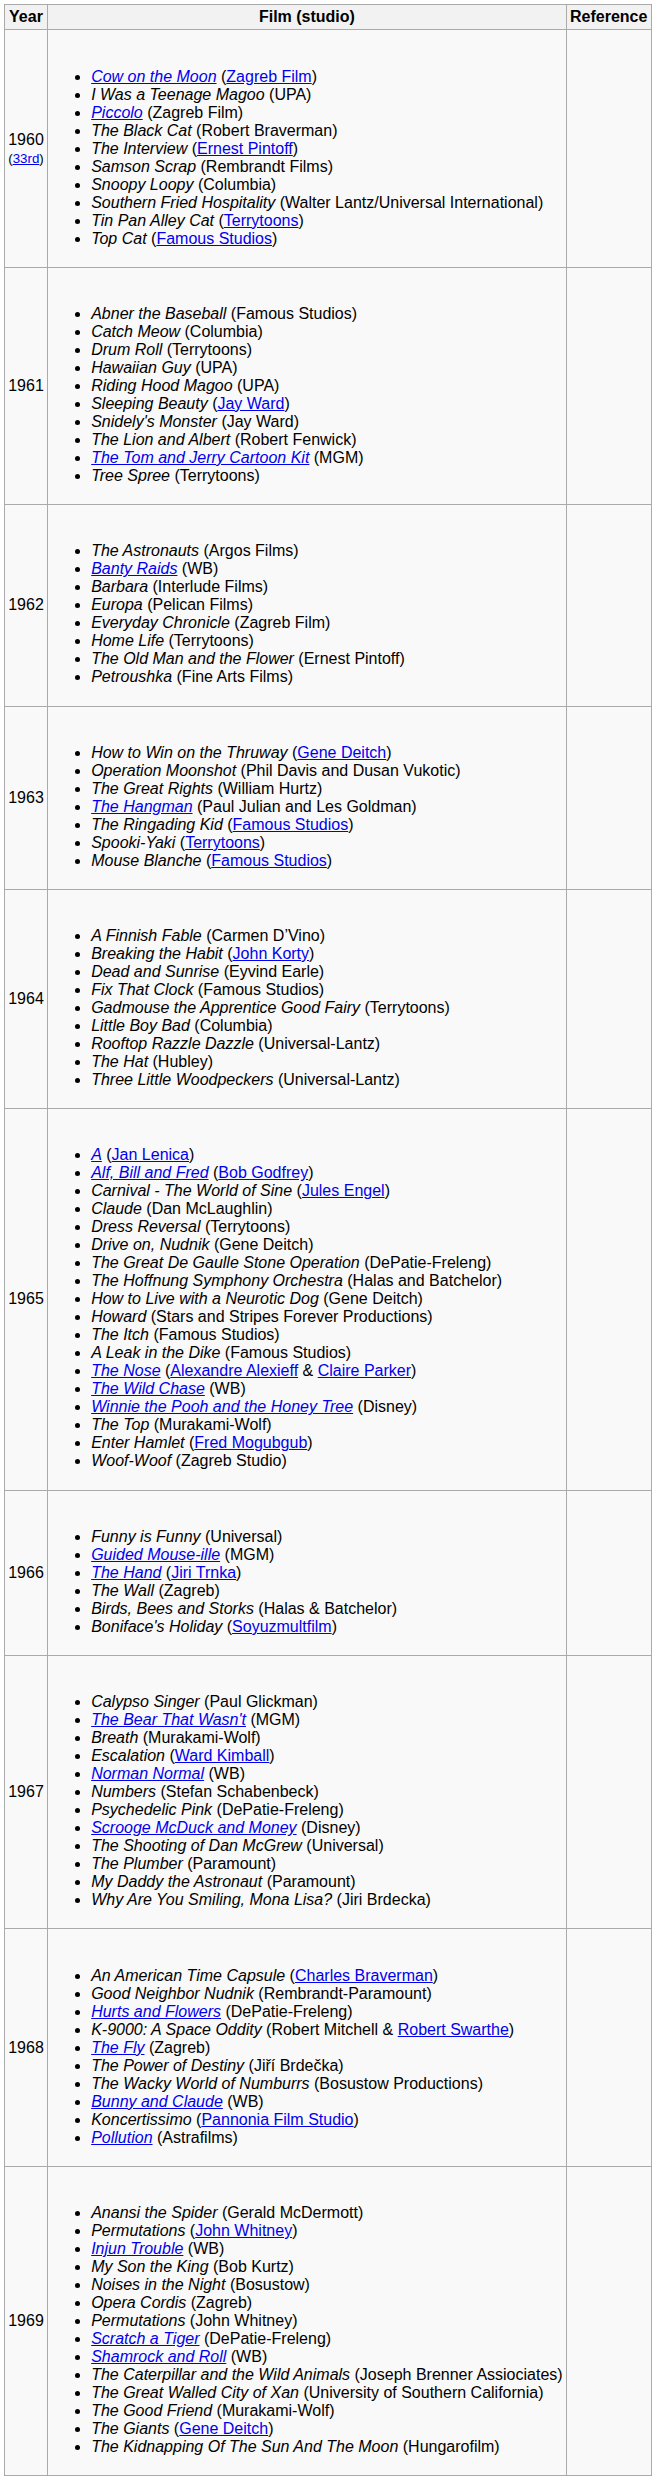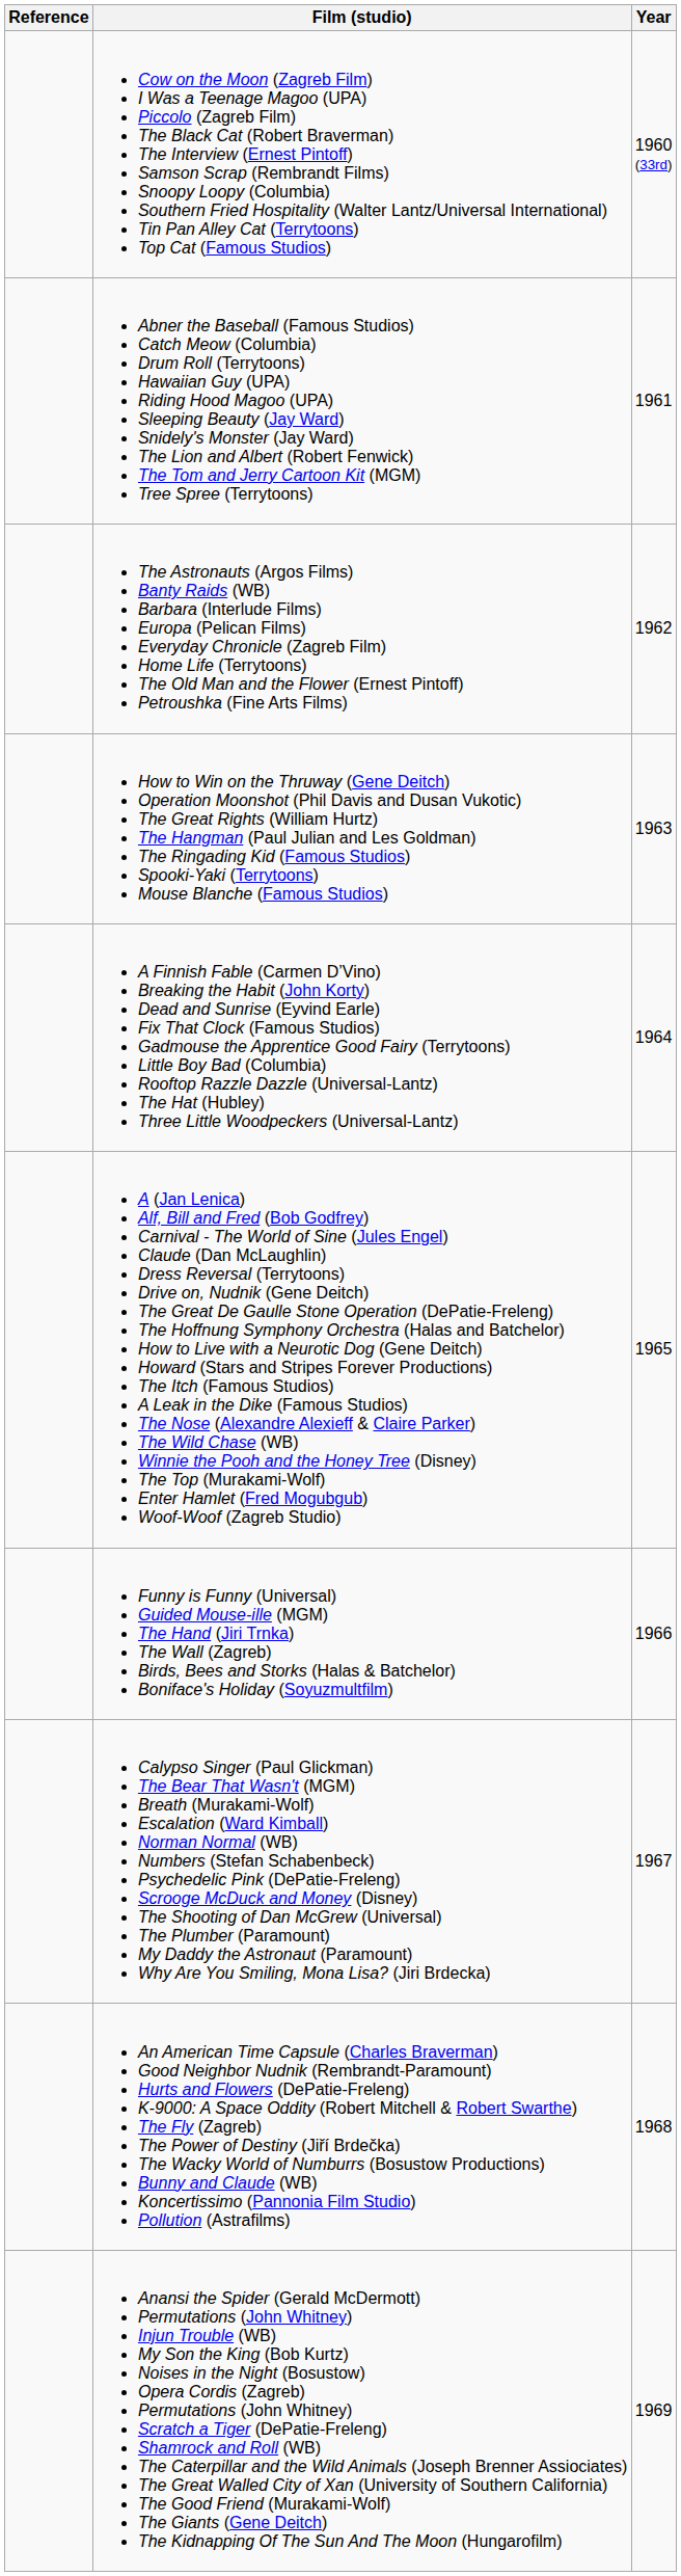 <table class="wikitable">
 <tr>
+<th>Reference</th>
+<th>Film (studio)</th>
 <th>Year</th>
-<th>Film (studio)</th>
-<th>Reference</th>
 </tr>
 <tr>
+<td></td>
+<td><br><ul><li><em><a href='#'>Cow on the Moon</a></em> (<a href='#'>Zagreb Film</a>)</li><li><em>I Was a Teenage Magoo</em> (UPA)</li><li><em><a href='#'>Piccolo</a></em> (Zagreb Film)</li><li><em>The Black Cat</em> (Robert Braverman)</li><li><em>The Interview</em> (<a href='#'>Ernest Pintoff</a>)</li><li><em>Samson Scrap</em> (Rembrandt Films)</li><li><em>Snoopy Loopy</em> (Columbia)</li><li><em>Southern Fried Hospitality</em> (Walter Lantz/Universal International)</li><li><em>Tin Pan Alley Cat</em> (<a href='#'>Terrytoons</a>)</li><li><em>Top Cat</em> (<a href='#'>Famous Studios</a>)</li></ul></td>
 <td>1960<br><small>(<a href='#'>33rd</a>)</small></td>
-<td><br><ul><li><em><a href='#'>Cow on the Moon</a></em> (<a href='#'>Zagreb Film</a>)</li><li><em>I Was a Teenage Magoo</em> (UPA)</li><li><em><a href='#'>Piccolo</a></em> (Zagreb Film)</li><li><em>The Black Cat</em> (Robert Braverman)</li><li><em>The Interview</em> (<a href='#'>Ernest Pintoff</a>)</li><li><em>Samson Scrap</em> (Rembrandt Films)</li><li><em>Snoopy Loopy</em> (Columbia)</li><li><em>Southern Fried Hospitality</em> (Walter Lantz/Universal International)</li><li><em>Tin Pan Alley Cat</em> (<a href='#'>Terrytoons</a>)</li><li><em>Top Cat</em> (<a href='#'>Famous Studios</a>)</li></ul></td>
-<td></td>
 </tr>
 <tr>
+<td></td>
+<td><br><ul><li><em>Abner the Baseball</em> (Famous Studios)</li><li><em>Catch Meow</em> (Columbia)</li><li><em>Drum Roll</em> (Terrytoons)</li><li><em>Hawaiian Guy</em> (UPA)</li><li><em>Riding Hood Magoo</em> (UPA)</li><li><em>Sleeping Beauty</em> (<a href='#'>Jay Ward</a>)</li><li><em>Snidely's Monster</em> (Jay Ward)</li><li><em>The Lion and Albert</em> (Robert Fenwick)</li><li><em><a href='#'>The Tom and Jerry Cartoon Kit</a></em> (MGM)</li><li><em>Tree Spree</em> (Terrytoons)</li></ul></td>
 <td>1961</td>
-<td><br><ul><li><em>Abner the Baseball</em> (Famous Studios)</li><li><em>Catch Meow</em> (Columbia)</li><li><em>Drum Roll</em> (Terrytoons)</li><li><em>Hawaiian Guy</em> (UPA)</li><li><em>Riding Hood Magoo</em> (UPA)</li><li><em>Sleeping Beauty</em> (<a href='#'>Jay Ward</a>)</li><li><em>Snidely's Monster</em> (Jay Ward)</li><li><em>The Lion and Albert</em> (Robert Fenwick)</li><li><em><a href='#'>The Tom and Jerry Cartoon Kit</a></em> (MGM)</li><li><em>Tree Spree</em> (Terrytoons)</li></ul></td>
-<td></td>
 </tr>
 <tr>
+<td></td>
+<td><br><ul><li><em>The Astronauts</em> (Argos Films)</li><li><em><a href='#'>Banty Raids</a></em> (WB)</li><li><em>Barbara</em> (Interlude Films)</li><li><em>Europa</em> (Pelican Films)</li><li><em>Everyday Chronicle</em> (Zagreb Film)</li><li><em>Home Life</em> (Terrytoons)</li><li><em>The Old Man and the Flower</em> (Ernest Pintoff)</li><li><em>Petroushka</em> (Fine Arts Films)</li></ul></td>
 <td>1962</td>
-<td><br><ul><li><em>The Astronauts</em> (Argos Films)</li><li><em><a href='#'>Banty Raids</a></em> (WB)</li><li><em>Barbara</em> (Interlude Films)</li><li><em>Europa</em> (Pelican Films)</li><li><em>Everyday Chronicle</em> (Zagreb Film)</li><li><em>Home Life</em> (Terrytoons)</li><li><em>The Old Man and the Flower</em> (Ernest Pintoff)</li><li><em>Petroushka</em> (Fine Arts Films)</li></ul></td>
-<td></td>
 </tr>
 <tr>
+<td></td>
+<td><br><ul><li><em>How to Win on the Thruway</em> (<a href='#'>Gene Deitch</a>)</li><li><em>Operation Moonshot</em> (Phil Davis and Dusan Vukotic)</li><li><em>The Great Rights</em> (William Hurtz)</li><li><em><a href='#'>The Hangman</a></em> (Paul Julian and Les Goldman)</li><li><em>The Ringading Kid</em> (<a href='#'>Famous Studios</a>)</li><li><em>Spooki-Yaki</em> (<a href='#'>Terrytoons</a>)</li><li><em>Mouse Blanche</em> (<a href='#'>Famous Studios</a>)</li></ul></td>
 <td>1963</td>
-<td><br><ul><li><em>How to Win on the Thruway</em> (<a href='#'>Gene Deitch</a>)</li><li><em>Operation Moonshot</em> (Phil Davis and Dusan Vukotic)</li><li><em>The Great Rights</em> (William Hurtz)</li><li><em><a href='#'>The Hangman</a></em> (Paul Julian and Les Goldman)</li><li><em>The Ringading Kid</em> (<a href='#'>Famous Studios</a>)</li><li><em>Spooki-Yaki</em> (<a href='#'>Terrytoons</a>)</li><li><em>Mouse Blanche</em> (<a href='#'>Famous Studios</a>)</li></ul></td>
-<td></td>
 </tr>
 <tr>
+<td></td>
+<td><br><ul><li><em>A Finnish Fable</em> (Carmen D’Vino)</li><li><em>Breaking the Habit</em> (<a href='#'>John Korty</a>)</li><li><em>Dead and Sunrise</em> (Eyvind Earle)</li><li><em>Fix That Clock</em> (Famous Studios)</li><li><em>Gadmouse the Apprentice Good Fairy</em> (Terrytoons)</li><li><em>Little Boy Bad</em> (Columbia)</li><li><em>Rooftop Razzle Dazzle</em> (Universal-Lantz)</li><li><em>The Hat</em> (Hubley)</li><li><em>Three Little Woodpeckers</em> (Universal-Lantz)</li></ul></td>
 <td>1964</td>
-<td><br><ul><li><em>A Finnish Fable</em> (Carmen D’Vino)</li><li><em>Breaking the Habit</em> (<a href='#'>John Korty</a>)</li><li><em>Dead and Sunrise</em> (Eyvind Earle)</li><li><em>Fix That Clock</em> (Famous Studios)</li><li><em>Gadmouse the Apprentice Good Fairy</em> (Terrytoons)</li><li><em>Little Boy Bad</em> (Columbia)</li><li><em>Rooftop Razzle Dazzle</em> (Universal-Lantz)</li><li><em>The Hat</em> (Hubley)</li><li><em>Three Little Woodpeckers</em> (Universal-Lantz)</li></ul></td>
-<td></td>
 </tr>
 <tr>
+<td></td>
+<td><br><ul><li><em><a href='#'>A</a></em> (<a href='#'>Jan Lenica</a>)</li><li><em><a href='#'>Alf, Bill and Fred</a></em> (<a href='#'>Bob Godfrey</a>)</li><li><em>Carnival - The World of Sine</em> (<a href='#'>Jules Engel</a>)</li><li><em>Claude</em> (Dan McLaughlin)</li><li><em>Dress Reversal</em> (Terrytoons)</li><li><em>Drive on, Nudnik</em> (Gene Deitch)</li><li><em>The Great De Gaulle Stone Operation</em> (DePatie-Freleng)</li><li><em>The Hoffnung Symphony Orchestra</em> (Halas and Batchelor)</li><li><em>How to Live with a Neurotic Dog</em> (Gene Deitch)</li><li><em>Howard</em> (Stars and Stripes Forever Productions)</li><li><em>The Itch</em> (Famous Studios)</li><li><em>A Leak in the Dike</em> (Famous Studios)</li><li><em><a href='#'>The Nose</a></em> (<a href='#'>Alexandre Alexieff</a> & <a href='#'>Claire Parker</a>)</li><li><em><a href='#'>The Wild Chase</a></em> (WB)</li><li><em><a href='#'>Winnie the Pooh and the Honey Tree</a></em> (Disney)</li><li><em>The Top</em> (Murakami-Wolf)</li><li><em>Enter Hamlet</em> (<a href='#'>Fred Mogubgub</a>)</li><li><em>Woof-Woof</em>  (Zagreb Studio)</li></ul></td>
 <td>1965</td>
-<td><br><ul><li><em><a href='#'>A</a></em> (<a href='#'>Jan Lenica</a>)</li><li><em><a href='#'>Alf, Bill and Fred</a></em> (<a href='#'>Bob Godfrey</a>)</li><li><em>Carnival - The World of Sine</em> (<a href='#'>Jules Engel</a>)</li><li><em>Claude</em> (Dan McLaughlin)</li><li><em>Dress Reversal</em> (Terrytoons)</li><li><em>Drive on, Nudnik</em> (Gene Deitch)</li><li><em>The Great De Gaulle Stone Operation</em> (DePatie-Freleng)</li><li><em>The Hoffnung Symphony Orchestra</em> (Halas and Batchelor)</li><li><em>How to Live with a Neurotic Dog</em> (Gene Deitch)</li><li><em>Howard</em> (Stars and Stripes Forever Productions)</li><li><em>The Itch</em> (Famous Studios)</li><li><em>A Leak in the Dike</em> (Famous Studios)</li><li><em><a href='#'>The Nose</a></em> (<a href='#'>Alexandre Alexieff</a> & <a href='#'>Claire Parker</a>)</li><li><em><a href='#'>The Wild Chase</a></em> (WB)</li><li><em><a href='#'>Winnie the Pooh and the Honey Tree</a></em> (Disney)</li><li><em>The Top</em> (Murakami-Wolf)</li><li><em>Enter Hamlet</em> (<a href='#'>Fred Mogubgub</a>)</li><li><em>Woof-Woof</em>  (Zagreb Studio)</li></ul></td>
-<td></td>
 </tr>
 <tr>
+<td></td>
+<td><br><ul><li><em>Funny is Funny</em> (Universal)</li><li><em><a href='#'>Guided Mouse-ille</a></em> (MGM)</li><li><em><a href='#'>The Hand</a></em> (<a href='#'>Jiri Trnka</a>)</li><li><em>The Wall</em> (Zagreb)</li><li><em>Birds, Bees and Storks</em> (Halas & Batchelor)</li><li><em>Boniface's Holiday</em> (<a href='#'>Soyuzmultfilm</a>)</li></ul></td>
 <td>1966</td>
-<td><br><ul><li><em>Funny is Funny</em> (Universal)</li><li><em><a href='#'>Guided Mouse-ille</a></em> (MGM)</li><li><em><a href='#'>The Hand</a></em> (<a href='#'>Jiri Trnka</a>)</li><li><em>The Wall</em> (Zagreb)</li><li><em>Birds, Bees and Storks</em> (Halas & Batchelor)</li><li><em>Boniface's Holiday</em> (<a href='#'>Soyuzmultfilm</a>)</li></ul></td>
-<td></td>
 </tr>
 <tr>
+<td></td>
+<td><br><ul><li><em>Calypso Singer</em> (Paul Glickman)</li><li><em><a href='#'>The Bear That Wasn't</a></em> (MGM)</li><li><em>Breath</em> (Murakami-Wolf)</li><li><em>Escalation</em> (<a href='#'>Ward Kimball</a>)</li><li><em><a href='#'>Norman Normal</a></em> (WB)</li><li><em>Numbers</em> (Stefan Schabenbeck)</li><li><em>Psychedelic Pink</em> (DePatie-Freleng)</li><li><em><a href='#'>Scrooge McDuck and Money</a></em> (Disney)</li><li><em>The Shooting of Dan McGrew</em> (Universal)</li><li><em>The Plumber</em> (Paramount)</li><li><em>My Daddy the Astronaut</em> (Paramount)</li><li><em>Why Are You Smiling, Mona Lisa?</em> (Jiri Brdecka)</li></ul></td>
 <td>1967</td>
-<td><br><ul><li><em>Calypso Singer</em> (Paul Glickman)</li><li><em><a href='#'>The Bear That Wasn't</a></em> (MGM)</li><li><em>Breath</em> (Murakami-Wolf)</li><li><em>Escalation</em> (<a href='#'>Ward Kimball</a>)</li><li><em><a href='#'>Norman Normal</a></em> (WB)</li><li><em>Numbers</em> (Stefan Schabenbeck)</li><li><em>Psychedelic Pink</em> (DePatie-Freleng)</li><li><em><a href='#'>Scrooge McDuck and Money</a></em> (Disney)</li><li><em>The Shooting of Dan McGrew</em> (Universal)</li><li><em>The Plumber</em> (Paramount)</li><li><em>My Daddy the Astronaut</em> (Paramount)</li><li><em>Why Are You Smiling, Mona Lisa?</em> (Jiri Brdecka)</li></ul></td>
-<td></td>
 </tr>
 <tr>
+<td></td>
+<td><br><ul><li><em>An American Time Capsule</em> (<a href='#'>Charles Braverman</a>)</li><li><em>Good Neighbor Nudnik</em> (Rembrandt-Paramount)</li><li><em><a href='#'>Hurts and Flowers</a></em>  (DePatie-Freleng)</li><li><em>K-9000: A Space Oddity</em> (Robert Mitchell & <a href='#'>Robert Swarthe</a>)</li><li><em><a href='#'>The Fly</a></em> (Zagreb)</li><li><em>The Power of Destiny</em> (Jiří Brdečka)</li><li><em>The Wacky World of Numburrs</em> (Bosustow Productions)</li><li><em><a href='#'>Bunny and Claude</a></em> (WB)</li><li><em>Koncertissimo</em> (<a href='#'>Pannonia Film Studio</a>)</li><li><em><a href='#'>Pollution</a></em> (Astrafilms)</li></ul></td>
 <td>1968</td>
-<td><br><ul><li><em>An American Time Capsule</em> (<a href='#'>Charles Braverman</a>)</li><li><em>Good Neighbor Nudnik</em> (Rembrandt-Paramount)</li><li><em><a href='#'>Hurts and Flowers</a></em>  (DePatie-Freleng)</li><li><em>K-9000: A Space Oddity</em> (Robert Mitchell & <a href='#'>Robert Swarthe</a>)</li><li><em><a href='#'>The Fly</a></em> (Zagreb)</li><li><em>The Power of Destiny</em> (Jiří Brdečka)</li><li><em>The Wacky World of Numburrs</em> (Bosustow Productions)</li><li><em><a href='#'>Bunny and Claude</a></em> (WB)</li><li><em>Koncertissimo</em> (<a href='#'>Pannonia Film Studio</a>)</li><li><em><a href='#'>Pollution</a></em> (Astrafilms)</li></ul></td>
-<td></td>
 </tr>
 <tr>
+<td></td>
+<td><br><ul><li><em>Anansi the Spider</em> (Gerald McDermott)</li><li><em>Permutations</em> (<a href='#'>John Whitney</a>)</li><li><em><a href='#'>Injun Trouble</a></em> (WB)</li><li><em>My Son the King</em> (Bob Kurtz)</li><li><em>Noises in the Night</em> (Bosustow)</li><li><em>Opera Cordis</em> (Zagreb)</li><li><em>Permutations</em> (John Whitney)</li><li><em><a href='#'>Scratch a Tiger</a></em> (DePatie-Freleng)</li><li><em><a href='#'>Shamrock and Roll</a></em> (WB)</li><li><em>The Caterpillar and the Wild Animals</em> (Joseph Brenner Assiociates)</li><li><em>The Great Walled City of Xan</em> (University of Southern California)</li><li><em>The Good Friend</em> (Murakami-Wolf)</li><li><em>The Giants</em> (<a href='#'>Gene Deitch</a>)</li><li><em>The Kidnapping Of The Sun And The Moon</em> (Hungarofilm)</li></ul></td>
 <td>1969</td>
-<td><br><ul><li><em>Anansi the Spider</em> (Gerald McDermott)</li><li><em>Permutations</em> (<a href='#'>John Whitney</a>)</li><li><em><a href='#'>Injun Trouble</a></em> (WB)</li><li><em>My Son the King</em> (Bob Kurtz)</li><li><em>Noises in the Night</em> (Bosustow)</li><li><em>Opera Cordis</em> (Zagreb)</li><li><em>Permutations</em> (John Whitney)</li><li><em><a href='#'>Scratch a Tiger</a></em> (DePatie-Freleng)</li><li><em><a href='#'>Shamrock and Roll</a></em> (WB)</li><li><em>The Caterpillar and the Wild Animals</em> (Joseph Brenner Assiociates)</li><li><em>The Great Walled City of Xan</em> (University of Southern California)</li><li><em>The Good Friend</em> (Murakami-Wolf)</li><li><em>The Giants</em> (<a href='#'>Gene Deitch</a>)</li><li><em>The Kidnapping Of The Sun And The Moon</em> (Hungarofilm)</li></ul></td>
-<td></td>
 </tr>
 </table>
